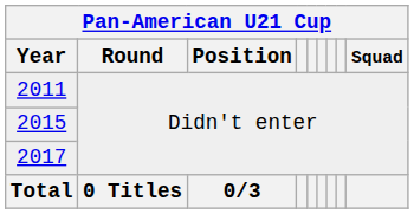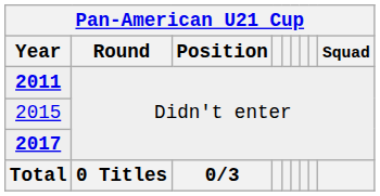 <table class="wikitable" style="text-align: center;">
 <tr>
 <th colspan=9><a href='#'>Pan-American U21 Cup</a></th>
 </tr>
 <tr>
 <th>Year</th>
 <th>Round</th>
 <th>Position</th>
 <th></th>
 <th></th>
 <th></th>
 <th></th>
 <th></th>
 <th><small>Squad</small></th>
 </tr>
 <tr bgcolor="efefef">
-<td> <a href='#'>2011</a></td>
+<td><strong> <a href='#'>2011</a></strong></td>
 <td colspan=9 rowspan=3>Didn't enter</td>
 </tr>
 <tr bgcolor="efefef">
 <td> <a href='#'>2015</a></td>
 </tr>
 <tr bgcolor="efefef">
-<td> <a href='#'>2017</a></td>
+<td><strong> <a href='#'>2017</a></strong></td>
 </tr>
 <tr>
 <th>Total</th>
 <th>0 Titles</th>
 <th>0/3</th>
 <th></th>
 <th></th>
 <th></th>
 <th></th>
 <th></th>
 <th></th>
 </tr>
 </table>
